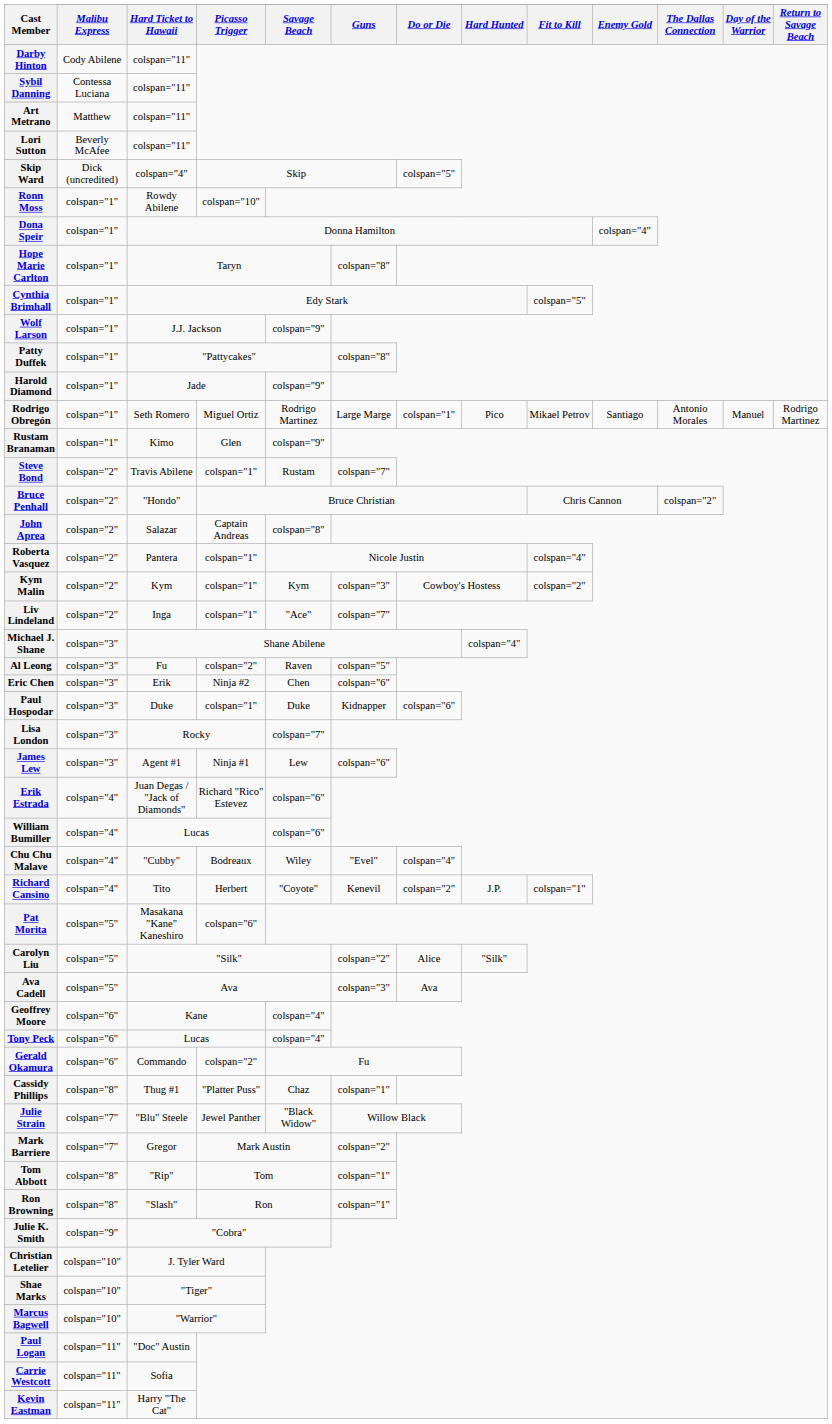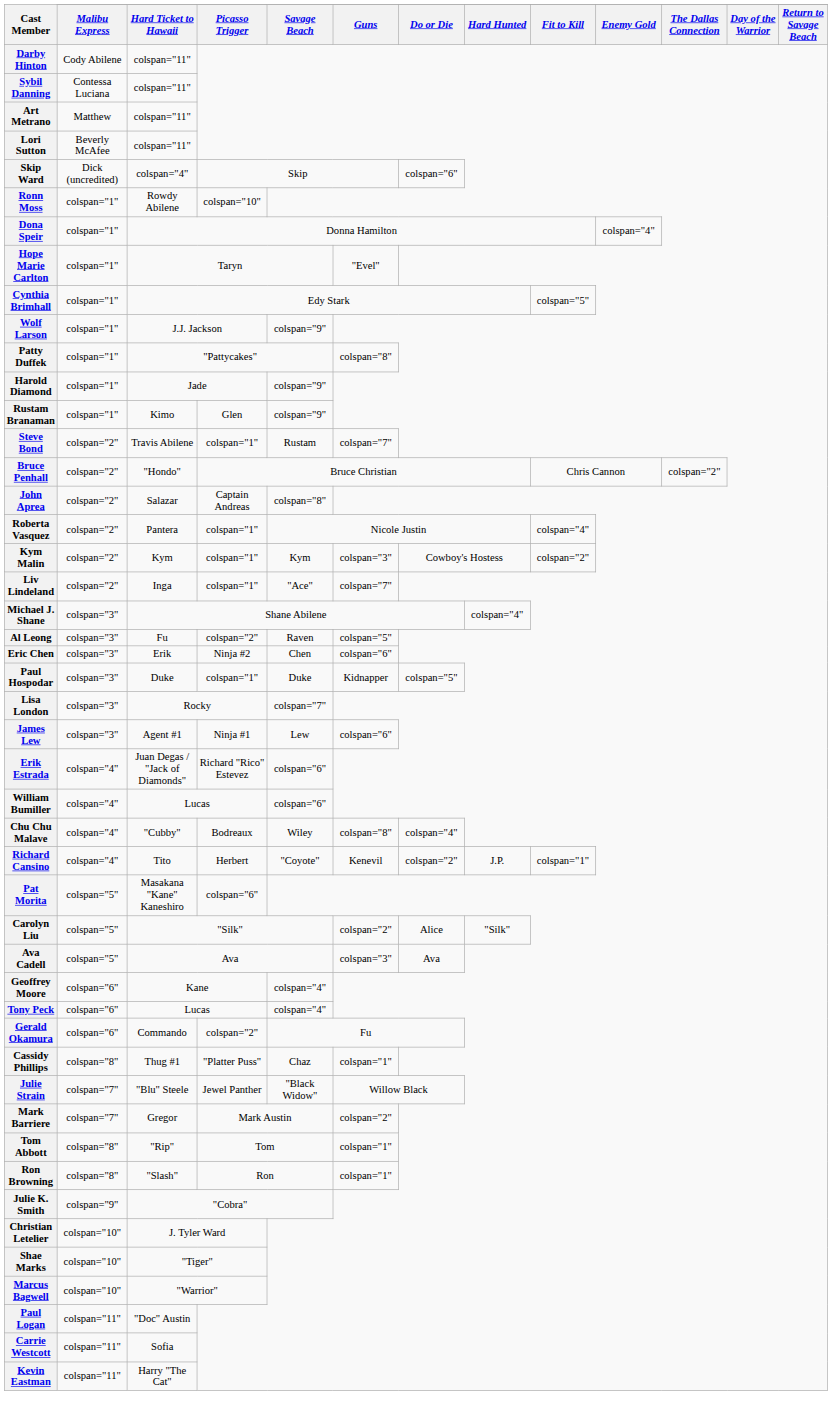 <table class="wikitable plainrowheaders" style="text-align:center;">
 <tr>
 <th scope="col" rowspan="2">Cast Member</th>
 </tr>
 <tr>
 <th scope="col" style="width:150px;"><em><a href='#'>Malibu Express</a></em></th>
 <th scope="col" style="width:150px;"><em><a href='#'>Hard Ticket to Hawaii</a></em></th>
 <th scope="col" style="width:150px;"><em><a href='#'>Picasso Trigger</a></em></th>
 <th scope="col" style="width:150px;"><em><a href='#'>Savage Beach</a></em></th>
 <th scope="col" style="width:150px;"><em><a href='#'>Guns</a></em></th>
 <th scope="col" style="width:150px;"><em><a href='#'>Do or Die</a></em></th>
 <th scope="col" style="width:150px;"><em><a href='#'>Hard Hunted</a></em></th>
 <th scope="col" style="width:150px;"><em><a href='#'>Fit to Kill</a></em></th>
 <th scope="col" style="width:150px;"><em><a href='#'>Enemy Gold</a></em></th>
 <th scope="col" style="width:150px;"><em><a href='#'>The Dallas Connection</a></em></th>
 <th scope="col" style="width:150px;"><em><a href='#'>Day of the Warrior</a></em></th>
 <th scope="col" style="width:150px;"><em><a href='#'>Return to Savage Beach</a></em></th>
 </tr>
 <tr>
 <th scope="row"><a href='#'>Darby Hinton</a></th>
 <td>Cody Abilene</td>
 <td>colspan="11" </td>
 </tr>
 <tr>
 <th scope="row"><a href='#'>Sybil Danning</a></th>
 <td>Contessa Luciana</td>
 <td>colspan="11" </td>
 </tr>
 <tr>
 <th scope="row">Art Metrano</th>
 <td>Matthew</td>
 <td>colspan="11" </td>
 </tr>
 <tr>
 <th scope="row">Lori Sutton</th>
 <td>Beverly McAfee</td>
 <td>colspan="11" </td>
 </tr>
 <tr>
 <th scope="row">Skip Ward</th>
 <td>Dick (uncredited)</td>
 <td>colspan="4" </td>
 <td colspan="3">Skip</td>
-<td>colspan="5" </td>
+<td>colspan="6" </td>
 </tr>
 <tr>
 <th scope="row"><a href='#'>Ronn Moss</a></th>
 <td>colspan="1" </td>
 <td>Rowdy Abilene</td>
 <td>colspan="10" </td>
 </tr>
 <tr>
 <th scope="row"><a href='#'>Dona Speir</a></th>
 <td>colspan="1" </td>
 <td colspan="7">Donna Hamilton</td>
 <td>colspan="4" </td>
 </tr>
 <tr>
 <th scope="row"><a href='#'>Hope Marie Carlton</a></th>
 <td>colspan="1" </td>
 <td colspan="3">Taryn</td>
-<td>colspan="8" </td>
+<td>"Evel"</td>
 </tr>
 <tr>
 <th scope="row"><a href='#'>Cynthia Brimhall</a></th>
 <td>colspan="1" </td>
 <td colspan="6">Edy Stark</td>
 <td>colspan="5" </td>
 </tr>
 <tr>
 <th scope="row"><a href='#'>Wolf Larson</a></th>
 <td>colspan="1" </td>
 <td colspan="2">J.J. Jackson</td>
 <td>colspan="9" </td>
 </tr>
 <tr>
 <th scope="row">Patty Duffek</th>
 <td>colspan="1" </td>
 <td colspan="3">"Pattycakes"</td>
 <td>colspan="8" </td>
 </tr>
 <tr>
 <th scope="row">Harold Diamond</th>
 <td>colspan="1" </td>
 <td colspan="2">Jade</td>
 <td>colspan="9" </td>
-</tr>
-<tr>
-<th scope="row">Rodrigo Obregón</th>
-<td>colspan="1" </td>
-<td>Seth Romero</td>
-<td>Miguel Ortiz</td>
-<td>Rodrigo Martinez</td>
-<td>Large Marge</td>
-<td>colspan="1" </td>
-<td>Pico</td>
-<td>Mikael Petrov</td>
-<td>Santiago</td>
-<td>Antonio Morales</td>
-<td>Manuel</td>
-<td>Rodrigo Martinez</td>
 </tr>
 <tr>
 <th scope="row">Rustam Branaman</th>
 <td>colspan="1" </td>
 <td>Kimo</td>
 <td>Glen</td>
 <td>colspan="9" </td>
 </tr>
 <tr>
 <th scope="row"><a href='#'>Steve Bond</a></th>
 <td>colspan="2" </td>
 <td>Travis Abilene</td>
 <td>colspan="1" </td>
 <td>Rustam</td>
 <td>colspan="7" </td>
 </tr>
 <tr>
 <th scope="row"><a href='#'>Bruce Penhall</a></th>
 <td>colspan="2" </td>
 <td>"Hondo"</td>
 <td colspan="5">Bruce Christian</td>
 <td colspan="2">Chris Cannon</td>
 <td>colspan="2" </td>
 </tr>
 <tr>
 <th scope="row"><a href='#'>John Aprea</a></th>
 <td>colspan="2" </td>
 <td>Salazar</td>
 <td>Captain Andreas</td>
 <td>colspan="8" </td>
 </tr>
 <tr>
 <th scope="row">Roberta Vasquez</th>
 <td>colspan="2" </td>
 <td>Pantera</td>
 <td>colspan="1" </td>
 <td colspan="4">Nicole Justin</td>
 <td>colspan="4" </td>
 </tr>
 <tr>
 <th scope="row">Kym Malin</th>
 <td>colspan="2" </td>
 <td>Kym</td>
 <td>colspan="1" </td>
 <td>Kym</td>
 <td>colspan="3" </td>
 <td colspan="2">Cowboy's Hostess</td>
 <td>colspan="2" </td>
 </tr>
 <tr>
 <th scope="row">Liv Lindeland</th>
 <td>colspan="2" </td>
 <td>Inga</td>
 <td>colspan="1" </td>
 <td>"Ace"</td>
 <td>colspan="7" </td>
 </tr>
 <tr>
 <th scope="row">Michael J. Shane</th>
 <td>colspan="3" </td>
 <td colspan="5">Shane Abilene</td>
 <td>colspan="4" </td>
 </tr>
 <tr>
 <th scope="row">Al Leong</th>
 <td>colspan="3" </td>
 <td>Fu</td>
 <td>colspan="2" </td>
 <td>Raven</td>
 <td>colspan="5" </td>
 </tr>
 <tr>
 <th scope="row">Eric Chen</th>
 <td>colspan="3" </td>
 <td>Erik</td>
 <td>Ninja #2</td>
 <td>Chen</td>
 <td>colspan="6" </td>
 </tr>
 <tr>
 <th scope="row">Paul Hospodar</th>
 <td>colspan="3" </td>
 <td>Duke</td>
 <td>colspan="1" </td>
 <td>Duke</td>
 <td>Kidnapper</td>
-<td>colspan="6" </td>
+<td>colspan="5" </td>
 </tr>
 <tr>
 <th scope="row">Lisa London</th>
 <td>colspan="3" </td>
 <td colspan="2">Rocky</td>
 <td>colspan="7" </td>
 </tr>
 <tr>
 <th scope="row"><a href='#'>James Lew</a></th>
 <td>colspan="3" </td>
 <td>Agent #1</td>
 <td>Ninja #1</td>
 <td>Lew</td>
 <td>colspan="6" </td>
 </tr>
 <tr>
 <th scope="row"><a href='#'>Erik Estrada</a></th>
 <td>colspan="4" </td>
 <td>Juan Degas / "Jack of Diamonds"</td>
 <td>Richard "Rico" Estevez</td>
 <td>colspan="6" </td>
 </tr>
 <tr>
 <th scope="row">William Bumiller</th>
 <td>colspan="4" </td>
 <td colspan="2">Lucas</td>
 <td>colspan="6" </td>
 </tr>
 <tr>
 <th scope="row">Chu Chu Malave</th>
 <td>colspan="4" </td>
 <td>"Cubby"</td>
 <td>Bodreaux</td>
 <td>Wiley</td>
-<td>"Evel"</td>
+<td>colspan="8" </td>
 <td>colspan="4" </td>
 </tr>
 <tr>
 <th scope="row"><a href='#'>Richard Cansino</a></th>
 <td>colspan="4" </td>
 <td>Tito</td>
 <td>Herbert</td>
 <td>"Coyote"</td>
 <td>Kenevil</td>
 <td>colspan="2" </td>
 <td>J.P.</td>
 <td>colspan="1" </td>
 </tr>
 <tr>
 <th scope="row"><a href='#'>Pat Morita</a></th>
 <td>colspan="5" </td>
 <td>Masakana "Kane" Kaneshiro</td>
 <td>colspan="6" </td>
 </tr>
 <tr>
 <th scope="row">Carolyn Liu</th>
 <td>colspan="5" </td>
 <td colspan="3">"Silk"</td>
 <td>colspan="2" </td>
 <td>Alice</td>
 <td>"Silk"</td>
 </tr>
 <tr>
 <th scope="row">Ava Cadell</th>
 <td>colspan="5" </td>
 <td colspan="3">Ava</td>
 <td>colspan="3" </td>
 <td>Ava</td>
 </tr>
 <tr>
 <th scope="row">Geoffrey Moore</th>
 <td>colspan="6" </td>
 <td colspan="2">Kane</td>
 <td>colspan="4" </td>
 </tr>
 <tr>
 <th scope="row"><a href='#'>Tony Peck</a></th>
 <td>colspan="6" </td>
 <td colspan="2">Lucas</td>
 <td>colspan="4" </td>
 </tr>
 <tr>
 <th scope="row"><a href='#'>Gerald Okamura</a></th>
 <td>colspan="6" </td>
 <td>Commando</td>
 <td>colspan="2" </td>
 <td colspan="3">Fu</td>
 </tr>
 <tr>
 <th scope="row">Cassidy Phillips</th>
 <td>colspan="8" </td>
 <td>Thug #1</td>
 <td>"Platter Puss"</td>
 <td>Chaz</td>
 <td>colspan="1" </td>
 </tr>
 <tr>
 <th scope="row"><a href='#'>Julie Strain</a></th>
 <td>colspan="7" </td>
 <td>"Blu" Steele</td>
 <td>Jewel Panther</td>
 <td>"Black Widow"</td>
 <td colspan="2">Willow Black</td>
 </tr>
 <tr>
 <th scope="row">Mark Barriere</th>
 <td>colspan="7" </td>
 <td>Gregor</td>
 <td colspan="2">Mark Austin</td>
 <td>colspan="2" </td>
 </tr>
 <tr>
 <th scope="row">Tom Abbott</th>
 <td>colspan="8" </td>
 <td>"Rip"</td>
 <td colspan="2">Tom</td>
 <td>colspan="1" </td>
 </tr>
 <tr>
 <th scope="row">Ron Browning</th>
 <td>colspan="8" </td>
 <td>"Slash"</td>
 <td colspan="2">Ron</td>
 <td>colspan="1" </td>
 </tr>
 <tr>
 <th scope="row">Julie K. Smith</th>
 <td>colspan="9" </td>
 <td colspan="3">"Cobra"</td>
 </tr>
 <tr>
 <th scope="row">Christian Letelier</th>
 <td>colspan="10" </td>
 <td colspan="2">J. Tyler Ward</td>
 </tr>
 <tr>
 <th scope="row">Shae Marks</th>
 <td>colspan="10" </td>
 <td colspan="2">"Tiger"</td>
 </tr>
 <tr>
 <th scope="row"><a href='#'>Marcus Bagwell</a></th>
 <td>colspan="10" </td>
 <td colspan="2">"Warrior"</td>
 </tr>
 <tr>
 <th scope="row"><a href='#'>Paul Logan</a></th>
 <td>colspan="11" </td>
 <td>"Doc" Austin</td>
 </tr>
 <tr>
 <th scope="row"><a href='#'>Carrie Westcott</a></th>
 <td>colspan="11" </td>
 <td>Sofia</td>
 </tr>
 <tr>
 <th scope="row"><a href='#'>Kevin Eastman</a></th>
 <td>colspan="11" </td>
 <td>Harry "The Cat"</td>
 </tr>
 </table>
